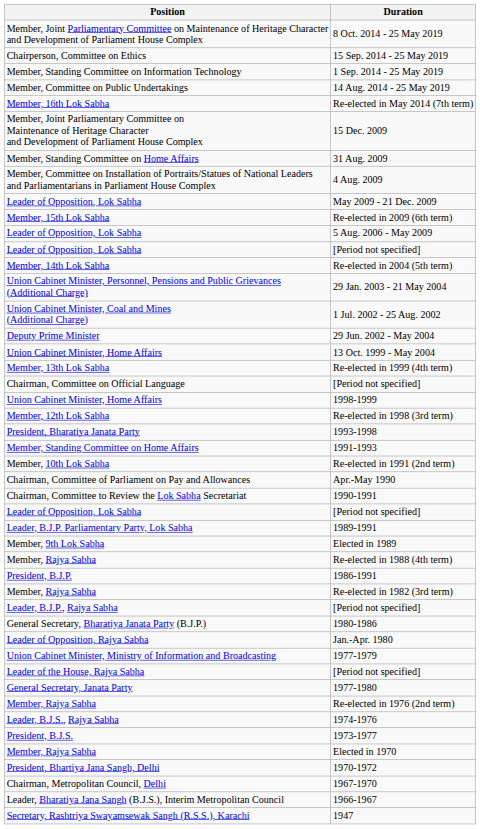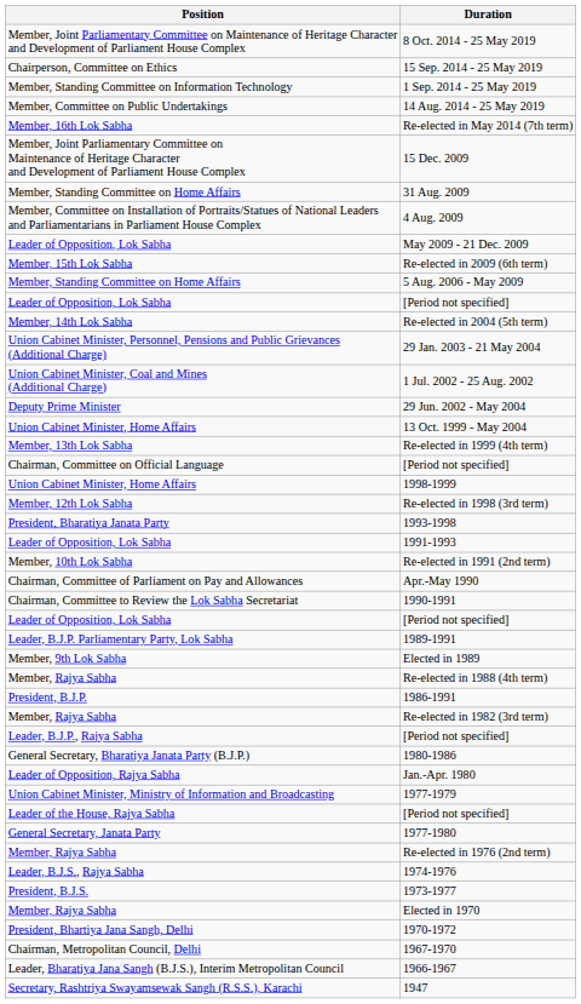 <table class="wikitable">
 <tr>
 <th>Position</th>
 <th>Duration</th>
 </tr>
 <tr>
 <td>Member, Joint <a href='#'>Parliamentary Committee</a> on Maintenance of Heritage Character <br>and Development of Parliament House Complex</td>
 <td>8 Oct. 2014 - 25 May 2019</td>
 </tr>
 <tr>
 <td>Chairperson, Committee on Ethics</td>
 <td>15 Sep. 2014 - 25 May 2019</td>
 </tr>
 <tr>
 <td>Member, Standing Committee on Information Technology</td>
 <td>1 Sep. 2014 - 25 May 2019</td>
 </tr>
 <tr>
 <td>Member, Committee on Public Undertakings</td>
 <td>14 Aug. 2014 - 25 May 2019</td>
 </tr>
 <tr>
 <td><a href='#'>Member, 16th Lok Sabha</a></td>
 <td>Re-elected in May 2014 (7th term)</td>
 </tr>
 <tr>
 <td>Member, Joint Parliamentary Committee on <br> Maintenance of Heritage Character <br>and Development of Parliament House Complex</td>
 <td>15 Dec. 2009</td>
 </tr>
 <tr>
 <td>Member, Standing Committee on <a href='#'>Home Affairs</a></td>
 <td>31 Aug. 2009</td>
 </tr>
 <tr>
 <td>Member, Committee on Installation of Portraits/Statues of National Leaders <br>and Parliamentarians in Parliament House Complex</td>
 <td>4 Aug. 2009</td>
 </tr>
 <tr>
 <td><a href='#'>Leader of Opposition, Lok Sabha</a></td>
 <td>May 2009 - 21 Dec. 2009</td>
 </tr>
 <tr>
 <td><a href='#'>Member, 15th Lok Sabha</a></td>
 <td>Re-elected in 2009 (6th term)</td>
 </tr>
 <tr>
-<td><a href='#'>Leader of Opposition, Lok Sabha</a></td>
+<td><a href='#'>Member, Standing Committee on Home Affairs</a></td>
 <td>5 Aug. 2006 - May 2009</td>
 </tr>
 <tr>
 <td><a href='#'>Leader of Opposition, Lok Sabha</a></td>
 <td>[Period not specified]</td>
 </tr>
 <tr>
 <td><a href='#'>Member, 14th Lok Sabha</a></td>
 <td>Re-elected in 2004 (5th term)</td>
 </tr>
 <tr>
 <td><a href='#'>Union Cabinet Minister, Personnel, Pensions and Public Grievances  <br>(Additional Charge)</a></td>
 <td>29 Jan. 2003 - 21 May 2004</td>
 </tr>
 <tr>
 <td><a href='#'>Union Cabinet Minister, Coal and Mines<br> (Additional Charge)</a></td>
 <td>1 Jul. 2002 - 25 Aug. 2002</td>
 </tr>
 <tr>
 <td><a href='#'>Deputy Prime Minister</a></td>
 <td>29 Jun. 2002 - May 2004</td>
 </tr>
 <tr>
 <td><a href='#'>Union Cabinet Minister, Home Affairs</a></td>
 <td>13 Oct. 1999 - May 2004</td>
 </tr>
 <tr>
 <td><a href='#'>Member, 13th Lok Sabha</a></td>
 <td>Re-elected in 1999 (4th term)</td>
 </tr>
 <tr>
 <td>Chairman, Committee on Official Language</td>
 <td>[Period not specified]</td>
 </tr>
 <tr>
 <td><a href='#'>Union Cabinet Minister, Home Affairs</a></td>
 <td>1998-1999</td>
 </tr>
 <tr>
 <td><a href='#'>Member, 12th Lok Sabha</a></td>
 <td>Re-elected in 1998 (3rd term)</td>
 </tr>
 <tr>
 <td><a href='#'>President, Bharatiya Janata Party</a></td>
 <td>1993-1998</td>
 </tr>
 <tr>
-<td><a href='#'>Member, Standing Committee on Home Affairs</a></td>
+<td><a href='#'>Leader of Opposition, Lok Sabha</a></td>
 <td>1991-1993</td>
 </tr>
 <tr>
 <td>Member, <a href='#'>10th Lok Sabha</a></td>
 <td>Re-elected in 1991 (2nd term)</td>
 </tr>
 <tr>
 <td>Chairman, Committee of Parliament on Pay and Allowances</td>
 <td>Apr.-May 1990</td>
 </tr>
 <tr>
 <td>Chairman, Committee to Review the <a href='#'>Lok Sabha</a> Secretariat</td>
 <td>1990-1991</td>
 </tr>
 <tr>
 <td><a href='#'>Leader of Opposition, Lok Sabha</a></td>
 <td>[Period not specified]</td>
 </tr>
 <tr>
 <td><a href='#'>Leader, B.J.P. Parliamentary Party, Lok Sabha</a></td>
 <td>1989-1991</td>
 </tr>
 <tr>
 <td>Member, <a href='#'>9th Lok Sabha</a></td>
 <td>Elected in 1989</td>
 </tr>
 <tr>
 <td>Member, <a href='#'>Rajya Sabha</a></td>
 <td>Re-elected in 1988 (4th term)</td>
 </tr>
 <tr>
 <td><a href='#'>President, B.J.P.</a></td>
 <td>1986-1991</td>
 </tr>
 <tr>
 <td>Member, <a href='#'>Rajya Sabha</a></td>
 <td>Re-elected in 1982 (3rd term)</td>
 </tr>
 <tr>
 <td><a href='#'>Leader, B.J.P.</a>, <a href='#'>Rajya Sabha</a></td>
 <td>[Period not specified]</td>
 </tr>
 <tr>
 <td>General Secretary, <a href='#'>Bharatiya Janata Party</a> (B.J.P.)</td>
 <td>1980-1986</td>
 </tr>
 <tr>
 <td><a href='#'>Leader of Opposition, Rajya Sabha</a></td>
 <td>Jan.-Apr. 1980</td>
 </tr>
 <tr>
 <td><a href='#'>Union Cabinet Minister, Ministry of Information and Broadcasting</a></td>
 <td>1977-1979</td>
 </tr>
 <tr>
 <td><a href='#'>Leader of the House, Rajya Sabha</a></td>
 <td>[Period not specified]</td>
 </tr>
 <tr>
 <td><a href='#'>General Secretary, Janata Party</a></td>
 <td>1977-1980</td>
 </tr>
 <tr>
 <td><a href='#'>Member, Rajya Sabha</a></td>
 <td>Re-elected in 1976 (2nd term)</td>
 </tr>
 <tr>
 <td><a href='#'>Leader, B.J.S.</a>, <a href='#'>Rajya Sabha</a></td>
 <td>1974-1976</td>
 </tr>
 <tr>
 <td><a href='#'>President, B.J.S.</a></td>
 <td>1973-1977</td>
 </tr>
 <tr>
 <td><a href='#'>Member, Rajya Sabha</a></td>
 <td>Elected in 1970</td>
 </tr>
 <tr>
 <td><a href='#'>President, Bhartiya Jana Sangh, Delhi</a></td>
 <td>1970-1972</td>
 </tr>
 <tr>
 <td>Chairman, Metropolitan Council, <a href='#'>Delhi</a></td>
 <td>1967-1970</td>
 </tr>
 <tr>
 <td>Leader, <a href='#'>Bharatiya Jana Sangh</a> (B.J.S.), Interim Metropolitan Council</td>
 <td>1966-1967</td>
 </tr>
 <tr>
 <td><a href='#'>Secretary, Rashtriya Swayamsewak Sangh (R.S.S.), Karachi</a></td>
 <td>1947</td>
 </tr>
 </table>
